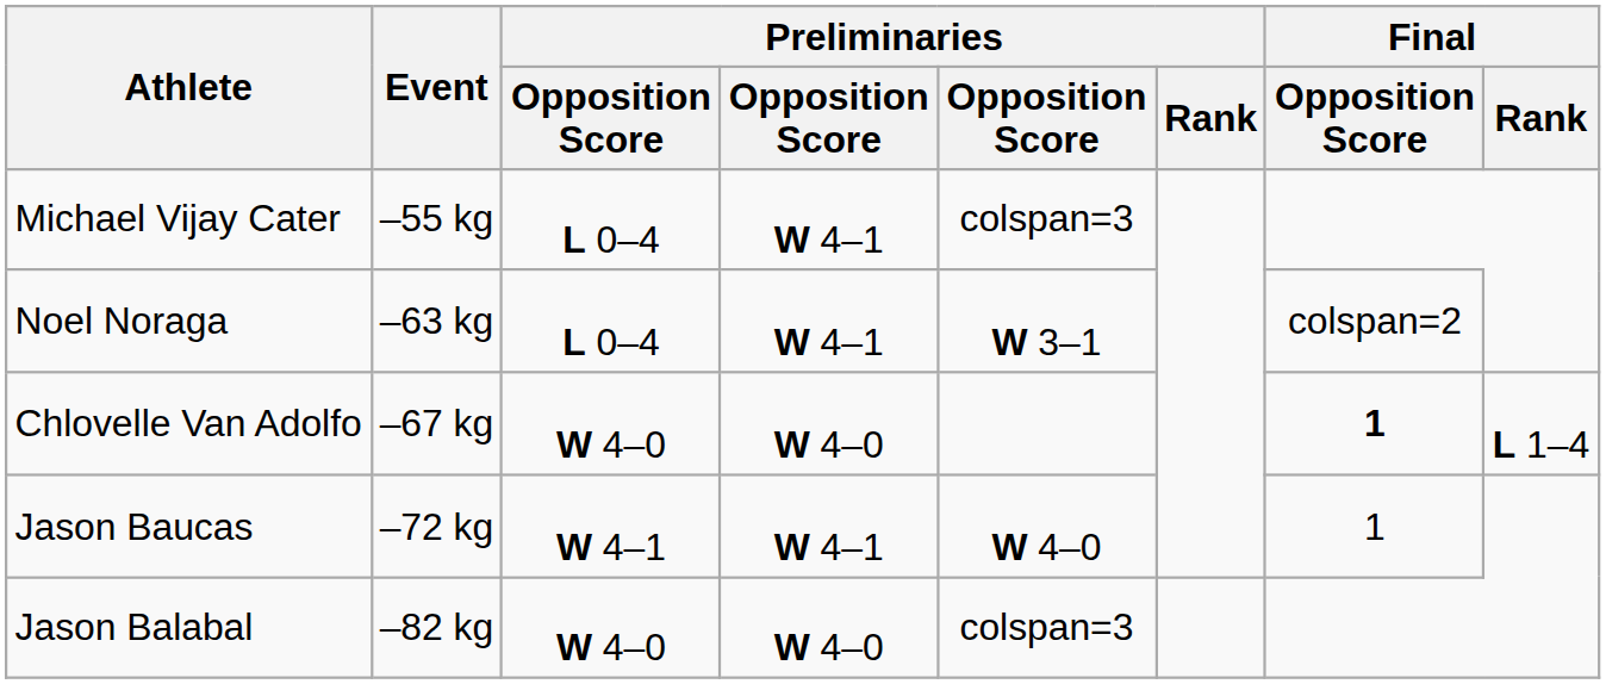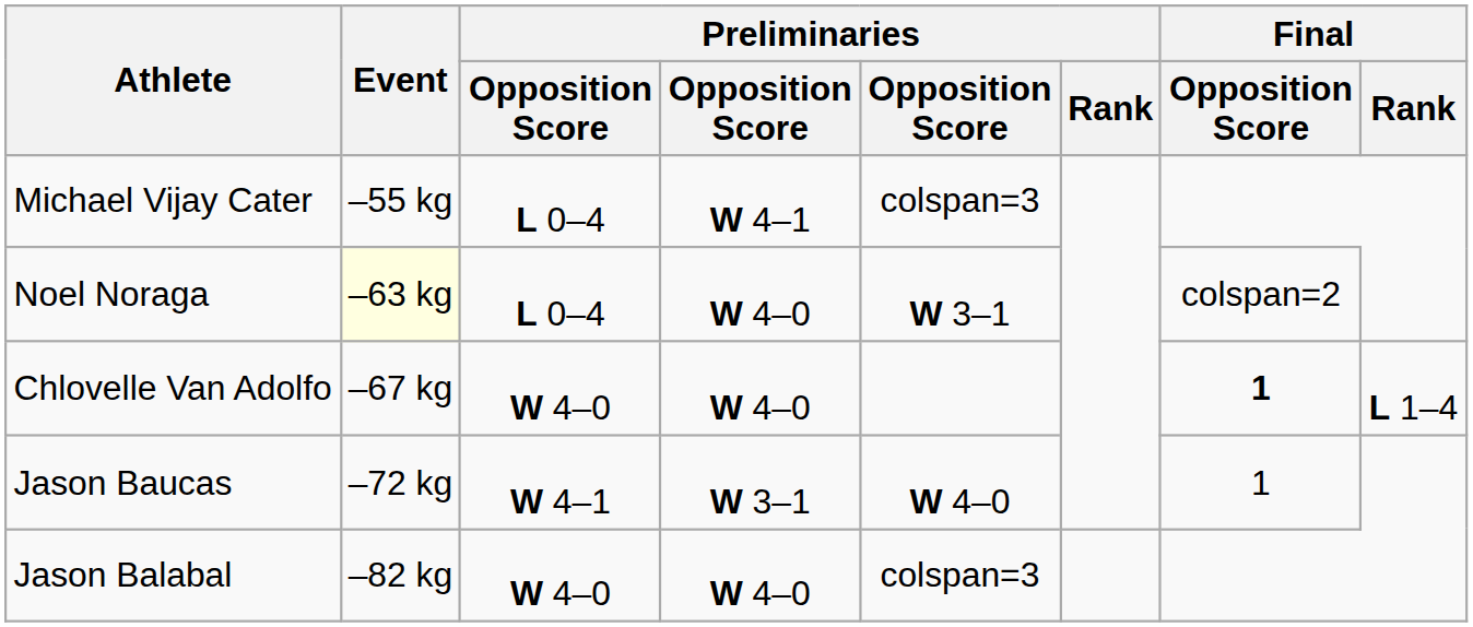 <table class="wikitable" style="font-size:90%">
 <tr>
 <th rowspan=2>Athlete</th>
 <th rowspan=2>Event</th>
 <th colspan=4>Preliminaries</th>
 <th colspan=2>Final</th>
 </tr>
 <tr style="font-size:95">
 <th>Opposition<br>Score</th>
 <th>Opposition<br>Score</th>
 <th>Opposition<br>Score</th>
 <th>Rank</th>
 <th>Opposition<br>Score</th>
 <th>Rank</th>
 </tr>
 <tr align=center>
 <td align=left>Michael Vijay Cater</td>
 <td align=left>–55 kg</td>
 <td><br><strong>L</strong> 0–4</td>
 <td><br><strong>W</strong> 4–1</td>
 <td>colspan=3 </td>
 <td rowspan=4></td>
 </tr>
 <tr align=center>
 <td align=left>Noel Noraga</td>
-<td align=left>–63 kg</td>
+<td align=left style="background: lightyellow;">–63 kg</td>
 <td><br><strong>L</strong> 0–4</td>
-<td><br><strong>W</strong> 4–1</td>
+<td><br><strong>W</strong> 4–0</td>
 <td><br><strong>W</strong> 3–1</td>
 <td>colspan=2 </td>
 </tr>
 <tr align=center>
 <td align=left>Chlovelle Van Adolfo</td>
 <td align=left>–67 kg</td>
 <td><br><strong>W</strong> 4–0</td>
 <td><br><strong>W</strong> 4–0</td>
 <td></td>
 <td><strong>1</strong></td>
 <td><br><strong>L</strong> 1–4</td>
 </tr>
 <tr align=center>
 <td align=left>Jason Baucas</td>
 <td align=left>–72 kg</td>
 <td><br><strong>W</strong> 4–1</td>
-<td><br><strong>W</strong> 4–1</td>
+<td><br><strong>W</strong> 3–1</td>
 <td><br><strong>W</strong> 4–0</td>
 <td>1</td>
 </tr>
 <tr align=center>
 <td align=left>Jason Balabal</td>
 <td align=left>–82 kg</td>
 <td><br><strong>W</strong> 4–0</td>
 <td><br><strong>W</strong> 4–0</td>
 <td>colspan=3 </td>
 <td></td>
 </tr>
 </table>
